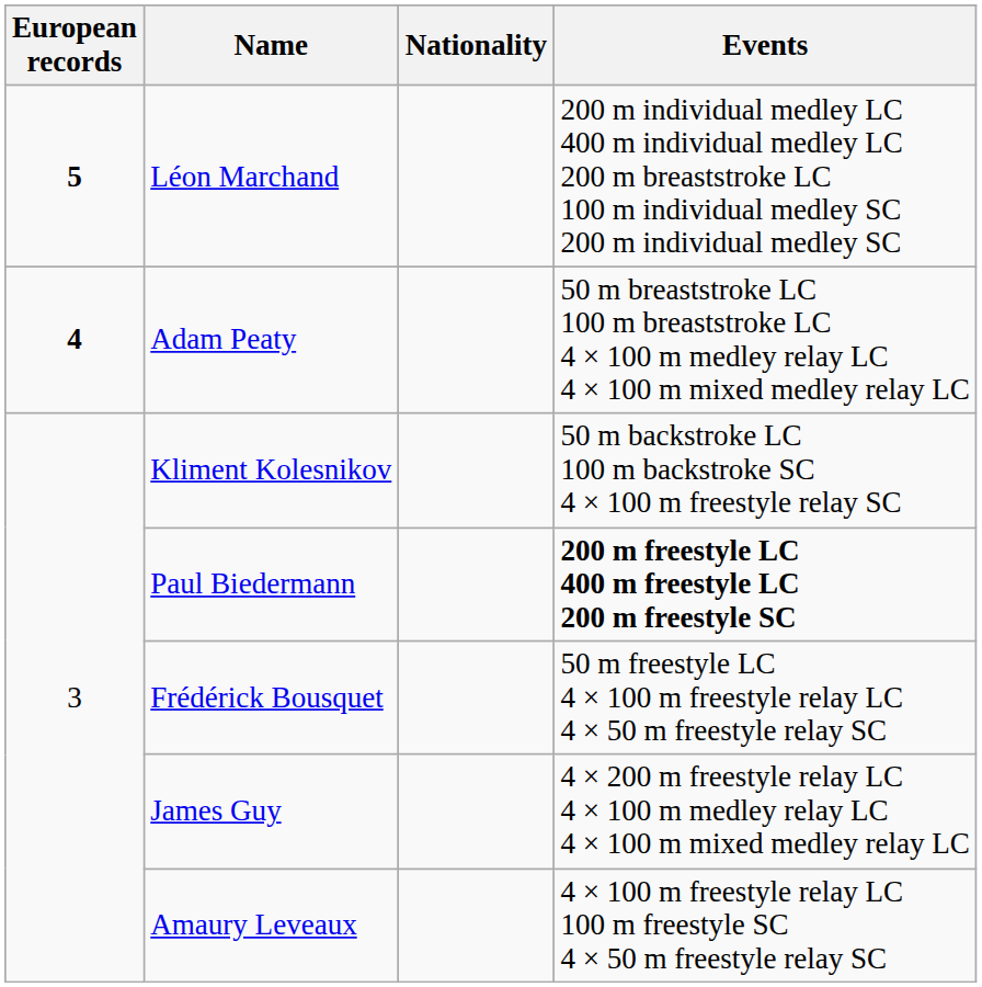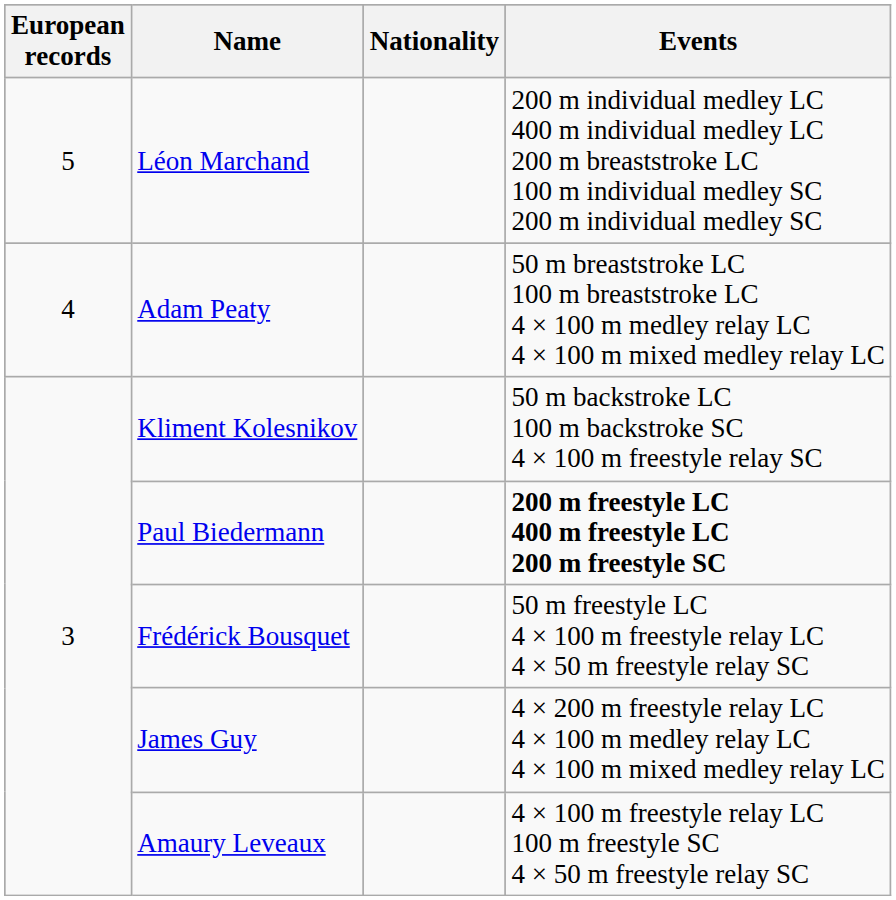 <table class=wikitable>
 <tr>
 <th>European <br> records</th>
 <th>Name</th>
 <th>Nationality</th>
 <th>Events</th>
 </tr>
 <tr>
-<td align=center><strong>5</strong></td>
+<td align=center>5</td>
 <td><a href='#'>Léon Marchand</a></td>
 <td></td>
 <td>200 m individual medley LC<br>400 m individual medley LC<br>200 m breaststroke LC<br>100 m individual medley SC<br>200 m individual medley SC</td>
 </tr>
 <tr>
-<td align=center><strong>4</strong></td>
+<td align=center>4</td>
 <td><a href='#'>Adam Peaty</a></td>
 <td></td>
 <td>50 m breaststroke LC<br>100 m breaststroke LC<br>4 × 100 m medley relay LC<br>4 × 100 m mixed medley relay LC</td>
 </tr>
 <tr>
 <td rowspan=6 align=center>3</td>
 <td><a href='#'>Kliment Kolesnikov</a></td>
 <td></td>
 <td>50 m backstroke LC<br>100 m backstroke SC<br>4 × 100 m freestyle relay SC</td>
 </tr>
 <tr>
 <td><a href='#'>Paul Biedermann</a></td>
 <td></td>
 <td><strong>200 m freestyle LC<br>400 m freestyle LC<br>200 m freestyle SC</strong></td>
 </tr>
 <tr>
 <td><a href='#'>Frédérick Bousquet</a></td>
 <td></td>
 <td>50 m freestyle LC<br>4 × 100 m freestyle relay LC<br>4 × 50 m freestyle relay SC</td>
 </tr>
 <tr>
 <td><a href='#'>James Guy</a></td>
 <td></td>
 <td>4 × 200 m freestyle relay LC<br>4 × 100 m medley relay LC<br>4 × 100 m mixed medley relay LC</td>
 </tr>
 <tr>
 <td><a href='#'>Amaury Leveaux</a></td>
 <td></td>
 <td>4 × 100 m freestyle relay LC<br>100 m freestyle SC<br>4 × 50 m freestyle relay SC</td>
 </tr>
 </table>
